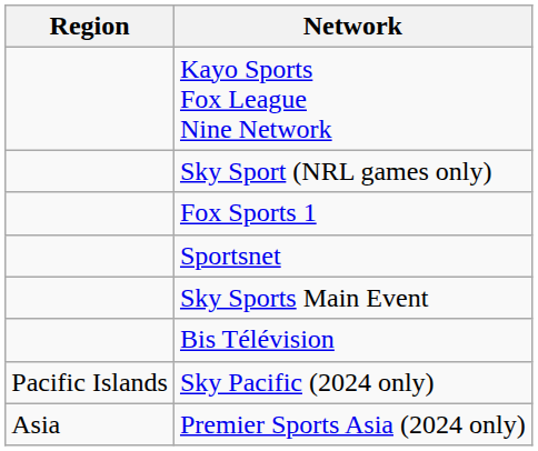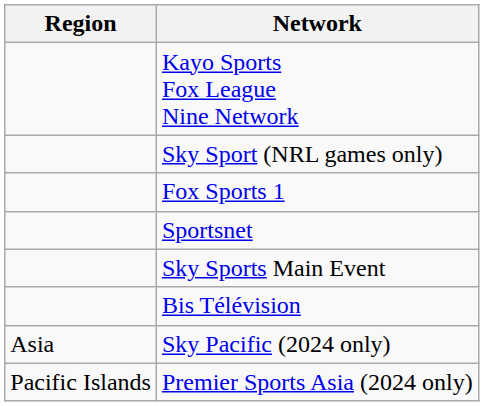 <table class="wikitable">
 <tr>
 <th>Region</th>
 <th>Network</th>
 </tr>
 <tr>
 <td></td>
 <td><a href='#'>Kayo Sports</a><br><a href='#'>Fox League</a><br><a href='#'>Nine Network</a></td>
 </tr>
 <tr>
 <td></td>
 <td><a href='#'>Sky Sport</a> (NRL games only)</td>
 </tr>
 <tr>
 <td></td>
 <td><a href='#'>Fox Sports 1</a></td>
 </tr>
 <tr>
 <td></td>
 <td><a href='#'>Sportsnet</a></td>
 </tr>
 <tr>
 <td></td>
 <td><a href='#'>Sky Sports</a> Main Event</td>
 </tr>
 <tr>
 <td></td>
 <td><a href='#'>Bis Télévision</a></td>
 </tr>
 <tr>
-<td>Pacific Islands</td>
+<td>Asia</td>
 <td><a href='#'>Sky Pacific</a> (2024 only)</td>
 </tr>
 <tr>
-<td>Asia</td>
+<td>Pacific Islands</td>
 <td><a href='#'>Premier Sports Asia</a> (2024 only)</td>
 </tr>
 </table>
